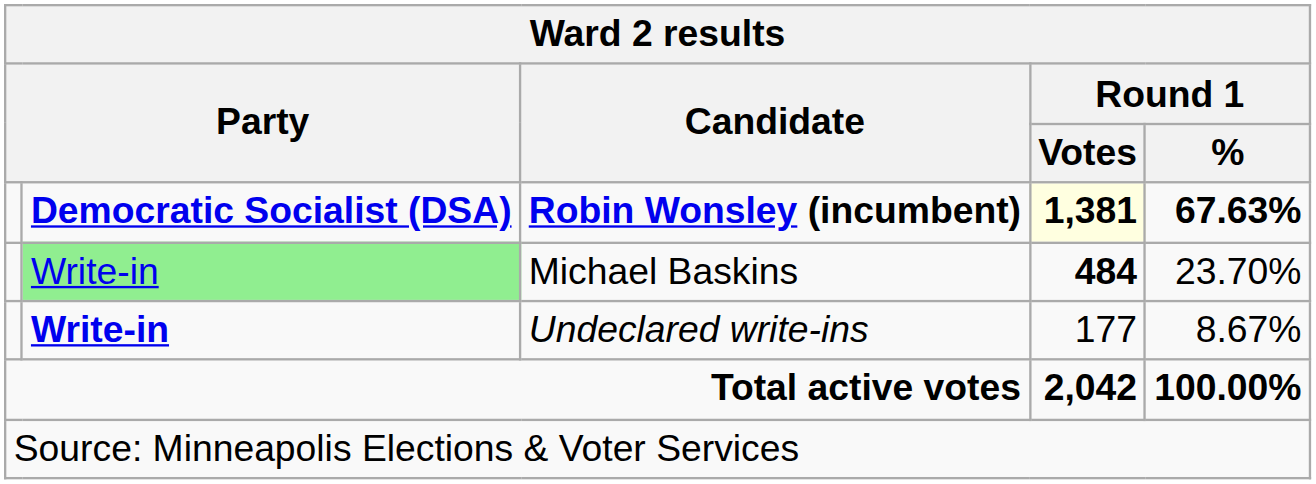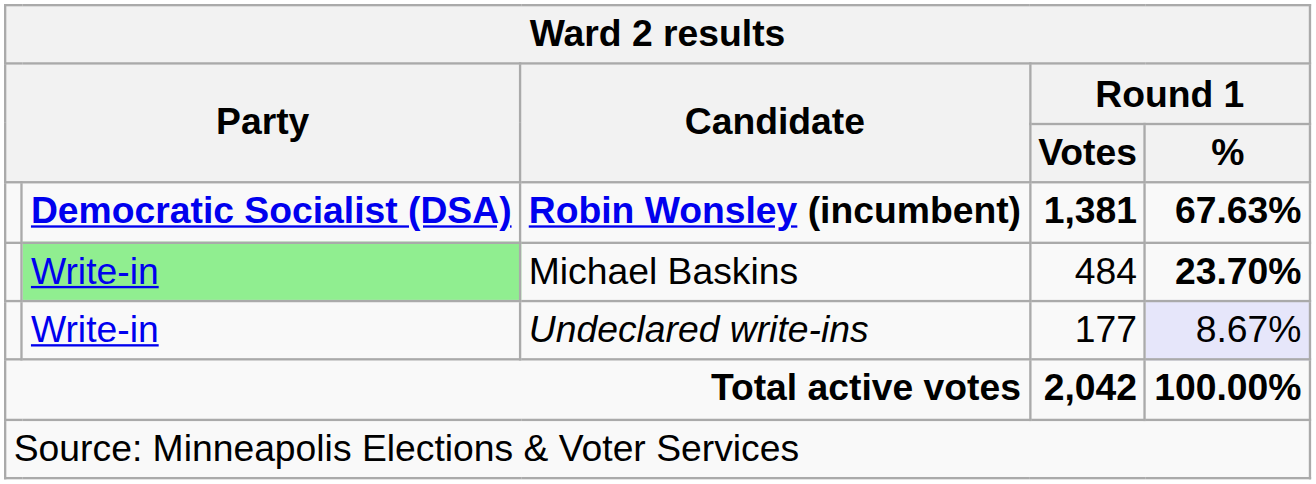 <table class="wikitable">
 <tr>
 <th colspan="5">Ward 2 results</th>
 </tr>
 <tr>
 <th rowspan="2" colspan="2">Party</th>
 <th rowspan="2">Candidate</th>
 <th colspan="2">Round 1</th>
 </tr>
 <tr>
 <th>Votes</th>
 <th>%</th>
 </tr>
 <tr>
 <td style="background-color:"></td>
 <td><strong><a href='#'>Democratic Socialist (DSA)</a></strong></td>
 <td><strong><a href='#'>Robin Wonsley</a> (incumbent)</strong></td>
-<td align="right" style="background: lightyellow;"><strong>1,381</strong></td>
+<td align="right"><strong>1,381</strong></td>
 <td align="right"><strong>67.63%</strong></td>
 </tr>
 <tr>
 <td style="background-color:"></td>
 <td style="background: lightgreen;"><a href='#'>Write-in</a></td>
 <td>Michael Baskins</td>
-<td align="right"><strong>484</strong></td>
-<td align="right">23.70%</td>
+<td align="right">484</td>
+<td align="right"><strong>23.70%</strong></td>
 </tr>
 <tr>
 <td style="background-color:"></td>
-<td><strong><a href='#'>Write-in</a></strong></td>
+<td><a href='#'>Write-in</a></td>
 <td><em>Undeclared write-ins</em></td>
 <td align="right">177</td>
-<td align="right">8.67%</td>
+<td align="right" style="background: lavender;">8.67%</td>
 </tr>
 <tr align="right">
 <td colspan="3"><strong>Total active votes</strong></td>
 <td><strong>2,042</strong></td>
 <td><strong>100.00%</strong></td>
 </tr>
 <tr>
 <td colspan="7">Source: Minneapolis Elections & Voter Services</td>
 </tr>
 </table>
